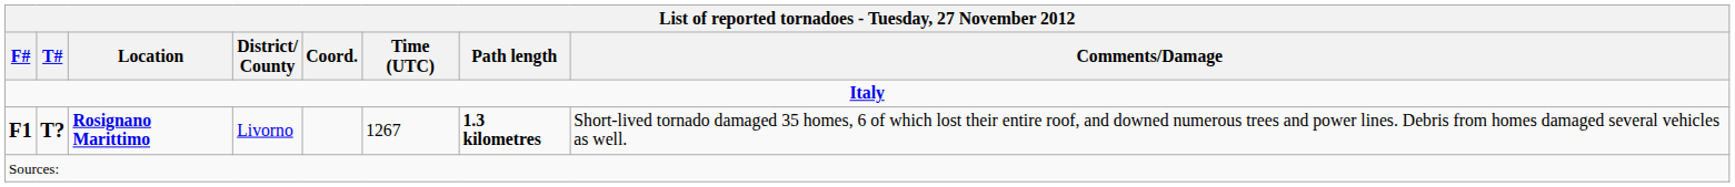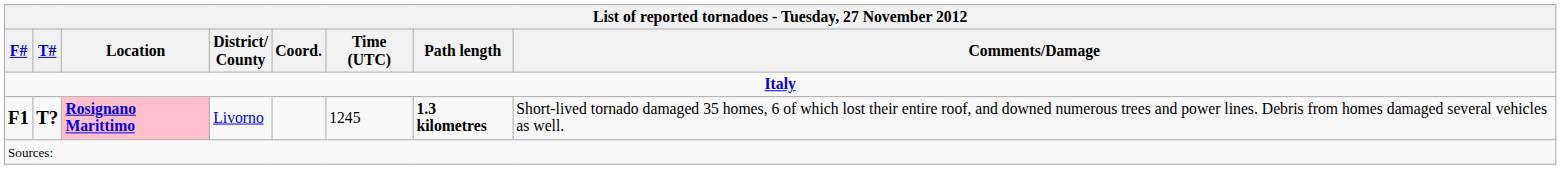 <table class="wikitable collapsible" width="100%">
 <tr>
 <th colspan="8">List of reported tornadoes - Tuesday, 27 November 2012</th>
 </tr>
 <tr>
 <th><a href='#'>F#</a></th>
 <th><a href='#'>T#</a></th>
 <th>Location</th>
 <th>District/<br>County</th>
 <th>Coord.</th>
 <th>Time (UTC)</th>
 <th>Path length</th>
 <th>Comments/Damage</th>
 </tr>
 <tr>
 <td colspan="8" align=center><strong><a href='#'>Italy</a></strong></td>
 </tr>
 <tr>
 <td><big><strong>F1</strong></big></td>
 <td><big><strong>T?</strong></big></td>
-<td><strong><a href='#'>Rosignano Marittimo</a></strong></td>
+<td style="background: pink;"><strong><a href='#'>Rosignano Marittimo</a></strong></td>
 <td><a href='#'>Livorno</a></td>
 <td></td>
-<td>1267</td>
+<td>1245</td>
 <td><strong>1.3 kilometres</strong></td>
 <td>Short-lived tornado damaged 35 homes, 6 of which lost their entire roof, and downed numerous trees and power lines. Debris from homes damaged several vehicles as well.</td>
 </tr>
 <tr>
 <td colspan="8"><small>Sources:  </small></td>
 </tr>
 </table>
